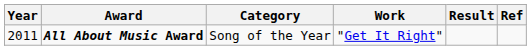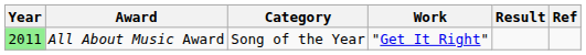 <table class="wikitable">
 <tr>
 <th>Year</th>
 <th>Award</th>
 <th>Category</th>
 <th>Work</th>
 <th>Result</th>
 <th>Ref</th>
 </tr>
 <tr>
-<td>2011</td>
-<td><strong><em>All About Music</em> Award</strong></td>
+<td style="background: lightgreen;">2011</td>
+<td><em>All About Music</em> Award</td>
 <td>Song of the Year</td>
 <td>"<a href='#'>Get It Right</a>"</td>
 <td></td>
 <td></td>
 </tr>
 </table>
